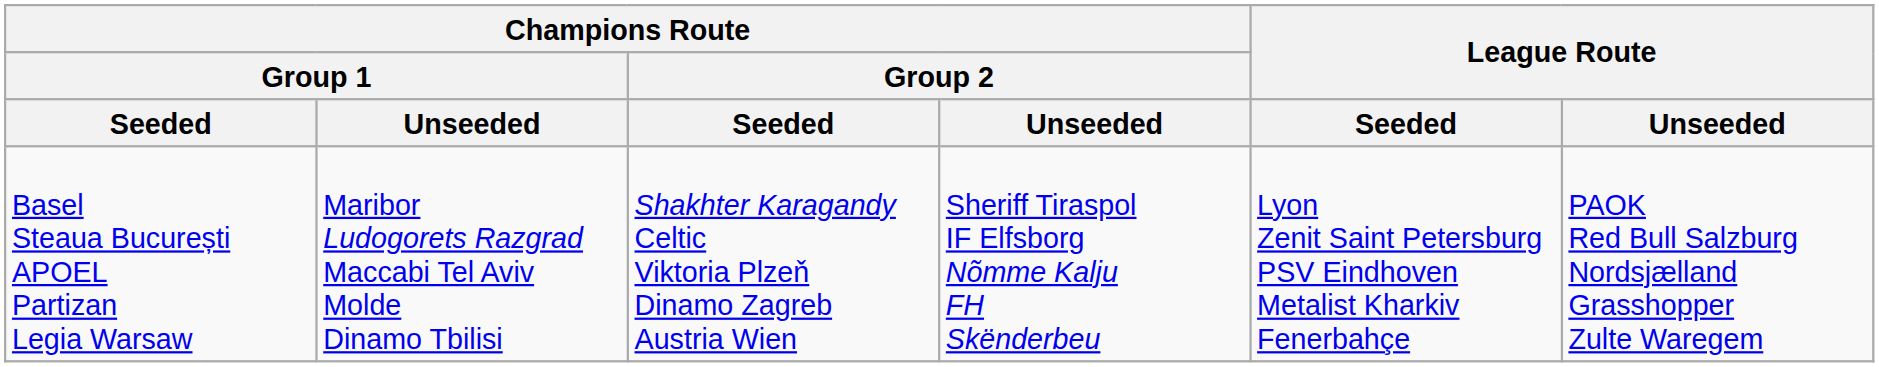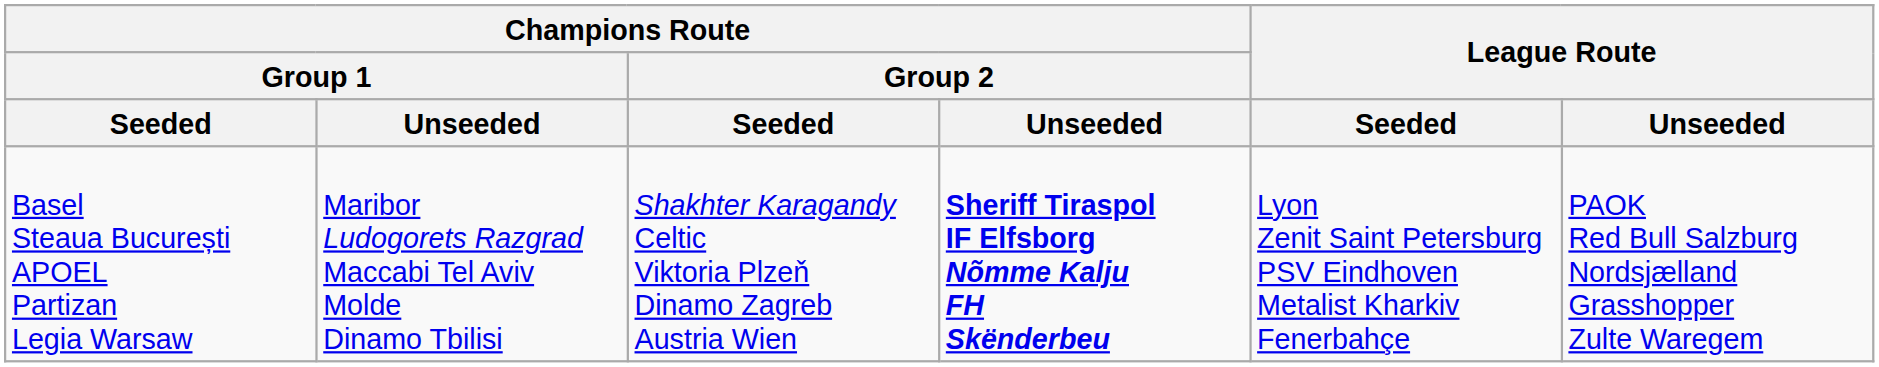 <table class="wikitable" style="font-size:80%">
 <tr>
 <th colspan=4>Champions Route</th>
 <th colspan=2 rowspan=2>League Route</th>
 </tr>
 <tr>
 <th colspan=2>Group 1</th>
 <th colspan=2>Group 2</th>
 </tr>
 <tr>
 <th width=16%>Seeded</th>
 <th width=16%>Unseeded</th>
 <th width=16%>Seeded</th>
 <th width=16%>Unseeded</th>
 <th width=16%>Seeded</th>
 <th width=16%>Unseeded</th>
 </tr>
 <tr>
 <td valign=top><br> <a href='#'>Basel</a><br>  <a href='#'>Steaua București</a><br>  <a href='#'>APOEL</a><br>  <a href='#'>Partizan</a><br>  <a href='#'>Legia Warsaw</a></td>
 <td valign=top><br> <a href='#'>Maribor</a><br>  <em><a href='#'>Ludogorets Razgrad</a></em><br>  <a href='#'>Maccabi Tel Aviv</a><br>  <a href='#'>Molde</a><br>  <a href='#'>Dinamo Tbilisi</a></td>
 <td valign=top><br> <em><a href='#'>Shakhter Karagandy</a></em><br>  <a href='#'>Celtic</a><br>  <a href='#'>Viktoria Plzeň</a><br>  <a href='#'>Dinamo Zagreb</a><br>  <a href='#'>Austria Wien</a></td>
-<td valign=top><br> <a href='#'>Sheriff Tiraspol</a><br>  <a href='#'>IF Elfsborg</a><br>  <em><a href='#'>Nõmme Kalju</a></em><br>  <em><a href='#'>FH</a></em><br>  <em><a href='#'>Skënderbeu</a></em></td>
+<td valign=top><strong><br> <a href='#'>Sheriff Tiraspol</a><br>  <a href='#'>IF Elfsborg</a><br>  <em><a href='#'>Nõmme Kalju</a></em><br>  <em><a href='#'>FH</a></em><br>  <em><a href='#'>Skënderbeu</a></em></strong></td>
 <td valign=top><br> <a href='#'>Lyon</a><br>  <a href='#'>Zenit Saint Petersburg</a><br>  <a href='#'>PSV Eindhoven</a><br>  <a href='#'>Metalist Kharkiv</a><br>  <a href='#'>Fenerbahçe</a><br></td>
 <td valign=top><br> <a href='#'>PAOK</a><br>  <a href='#'>Red Bull Salzburg</a><br>  <a href='#'>Nordsjælland</a><br>  <a href='#'>Grasshopper</a><br>  <a href='#'>Zulte Waregem</a></td>
 </tr>
 </table>
